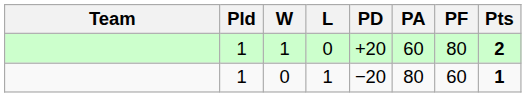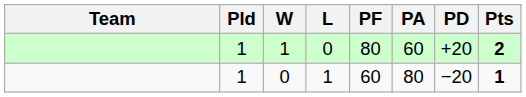 <table class=wikitable style="text-align:center">
 <tr>
 <th width=180>Team</th>
 <th width=30>Pld</th>
 <th width=30>W</th>
 <th width=30>L</th>
+<th width=30>PF</th>
+<th width=30>PA</th>
 <th width=30>PD</th>
-<th width=30>PA</th>
-<th width=30>PF</th>
 <th width=30>Pts</th>
 </tr>
 <tr bgcolor="#ccffcc">
 <td align="left"></td>
 <td>1</td>
 <td>1</td>
 <td>0</td>
+<td>80</td>
+<td>60</td>
 <td>+20</td>
-<td>60</td>
-<td>80</td>
 <td><strong>2</strong></td>
 </tr>
 <tr>
 <td align="left"></td>
 <td>1</td>
 <td>0</td>
 <td>1</td>
+<td>60</td>
+<td>80</td>
 <td>−20</td>
-<td>80</td>
-<td>60</td>
 <td><strong>1</strong></td>
 </tr>
 </table>
